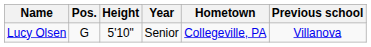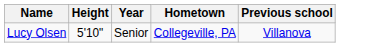 <table class="wikitable sortable" style="text-align:center">
 <tr align=center>
 <th>Name</th>
-<th>Pos.</th>
 <th>Height</th>
 <th>Year</th>
 <th>Hometown</th>
 <th class="unsortable">Previous school</th>
 </tr>
 <tr>
 <td><a href='#'>Lucy Olsen</a></td>
-<td>G</td>
 <td>5'10"</td>
 <td>Senior</td>
 <td><a href='#'>Collegeville, PA</a></td>
 <td><a href='#'>Villanova</a></td>
 </tr>
 </table>
